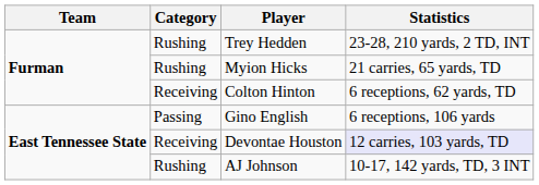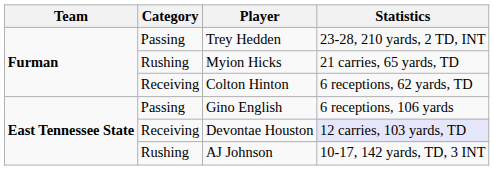 <table class="wikitable" style="float: right;">
 <tr>
 <th>Team</th>
 <th>Category</th>
 <th>Player</th>
 <th>Statistics</th>
 </tr>
 <tr>
 <td rowspan=3><strong>Furman</strong></td>
-<td>Rushing</td>
+<td>Passing</td>
 <td>Trey Hedden</td>
 <td>23-28, 210 yards, 2 TD, INT</td>
 </tr>
 <tr>
 <td>Rushing</td>
 <td>Myion Hicks</td>
 <td>21 carries, 65 yards, TD</td>
 </tr>
 <tr>
 <td>Receiving</td>
 <td>Colton Hinton</td>
 <td>6 receptions, 62 yards, TD</td>
 </tr>
 <tr>
 <td rowspan=3><strong>East Tennessee State</strong></td>
 <td>Passing</td>
 <td>Gino English</td>
 <td>6 receptions, 106 yards</td>
 </tr>
 <tr>
 <td>Receiving</td>
 <td>Devontae Houston</td>
 <td style="background: lavender;">12 carries, 103 yards, TD</td>
 </tr>
 <tr>
 <td>Rushing</td>
 <td>AJ Johnson</td>
 <td>10-17, 142 yards, TD, 3 INT</td>
 </tr>
 </table>
